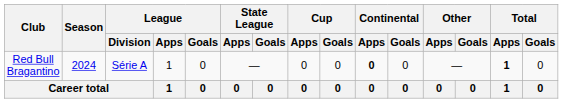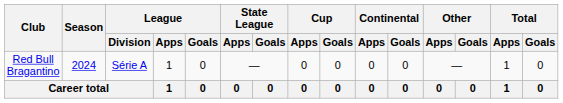 <table class="wikitable" style="text-align: center">
 <tr>
 <th rowspan="2">Club</th>
 <th rowspan="2">Season</th>
 <th colspan="3">League</th>
 <th colspan="2">State League</th>
 <th colspan="2">Cup</th>
 <th colspan="2">Continental</th>
 <th colspan="2">Other</th>
 <th colspan="2">Total</th>
 </tr>
 <tr>
 <th>Division</th>
 <th>Apps</th>
 <th>Goals</th>
 <th>Apps</th>
 <th>Goals</th>
 <th>Apps</th>
 <th>Goals</th>
 <th>Apps</th>
 <th>Goals</th>
 <th>Apps</th>
 <th>Goals</th>
 <th>Apps</th>
 <th>Goals</th>
 </tr>
 <tr>
 <td><a href='#'>Red Bull Bragantino</a></td>
 <td><a href='#'>2024</a></td>
 <td><a href='#'>Série A</a></td>
 <td>1</td>
 <td>0</td>
 <td colspan="2">—</td>
 <td>0</td>
 <td>0</td>
-<td><strong>0</strong></td>
+<td>0</td>
 <td>0</td>
 <td colspan="2">—</td>
-<td><strong>1</strong></td>
+<td>1</td>
 <td>0</td>
 </tr>
 <tr>
 <th colspan="3"><strong>Career total</strong></th>
 <th>1</th>
 <th>0</th>
 <th>0</th>
 <th>0</th>
 <th>0</th>
 <th>0</th>
 <th>0</th>
 <th>0</th>
 <th>0</th>
 <th>0</th>
 <th>1</th>
 <th>0</th>
 </tr>
 </table>
